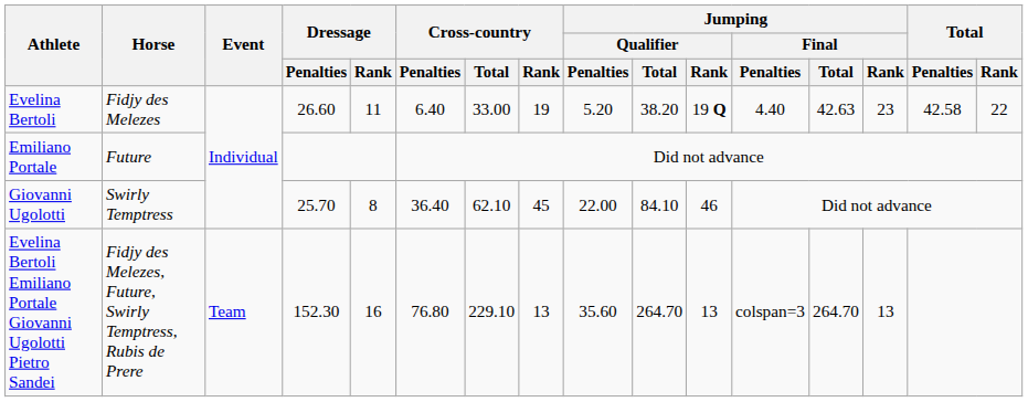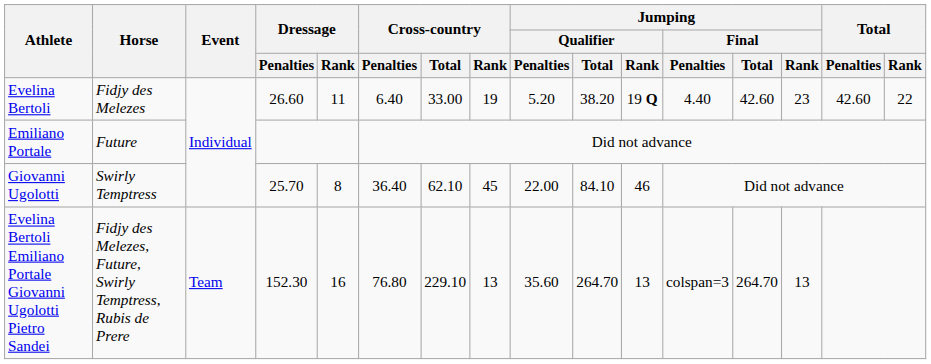 <table class=wikitable style=font-size:90%;text-align:center>
 <tr>
 <th rowspan="3">Athlete</th>
 <th rowspan="3">Horse</th>
 <th rowspan="3">Event</th>
 <th colspan="2" rowspan="2">Dressage</th>
 <th colspan="3" rowspan="2">Cross-country</th>
 <th colspan="6">Jumping</th>
 <th colspan="2" rowspan="2">Total</th>
 </tr>
 <tr style="font-size:95%">
 <th colspan="3">Qualifier</th>
 <th colspan="3">Final</th>
 </tr>
 <tr style="font-size:95%">
 <th>Penalties</th>
 <th>Rank</th>
 <th>Penalties</th>
 <th>Total</th>
 <th>Rank</th>
 <th>Penalties</th>
 <th>Total</th>
 <th>Rank</th>
 <th>Penalties</th>
 <th>Total</th>
 <th>Rank</th>
 <th>Penalties</th>
 <th>Rank</th>
 </tr>
 <tr align=center>
 <td align=left><a href='#'>Evelina Bertoli</a></td>
 <td align=left><em>Fidjy des Melezes</em></td>
 <td rowspan=3 align=left><a href='#'>Individual</a></td>
 <td>26.60</td>
 <td>11</td>
 <td>6.40</td>
 <td>33.00</td>
 <td>19</td>
 <td>5.20</td>
 <td>38.20</td>
 <td>19 <strong>Q</strong></td>
 <td>4.40</td>
-<td>42.63</td>
+<td>42.60</td>
 <td>23</td>
-<td>42.58</td>
+<td>42.60</td>
 <td>22</td>
 </tr>
 <tr align=center>
 <td align=left><a href='#'>Emiliano Portale</a></td>
 <td align=left><em>Future</em></td>
 <td colspan=2></td>
 <td colspan=12>Did not advance</td>
 </tr>
 <tr align=center>
 <td align=left><a href='#'>Giovanni Ugolotti</a></td>
 <td align=left><em>Swirly Temptress</em></td>
 <td>25.70</td>
 <td>8</td>
 <td>36.40</td>
 <td>62.10</td>
 <td>45</td>
 <td>22.00</td>
 <td>84.10</td>
 <td>46</td>
 <td colspan=5>Did not advance</td>
 </tr>
 <tr align=center>
 <td align=left><a href='#'>Evelina Bertoli</a><br><a href='#'>Emiliano Portale</a><br><a href='#'>Giovanni Ugolotti</a><br><a href='#'>Pietro Sandei</a></td>
 <td align=left><em>Fidjy des Melezes</em>,<br><em>Future</em>,<br><em>Swirly Temptress</em>,<br><em>Rubis de Prere</em></td>
 <td align=left><a href='#'>Team</a></td>
 <td>152.30</td>
 <td>16</td>
 <td>76.80</td>
 <td>229.10</td>
 <td>13</td>
 <td>35.60</td>
 <td>264.70</td>
 <td>13</td>
 <td>colspan=3 </td>
 <td>264.70</td>
 <td>13</td>
 </tr>
 </table>
